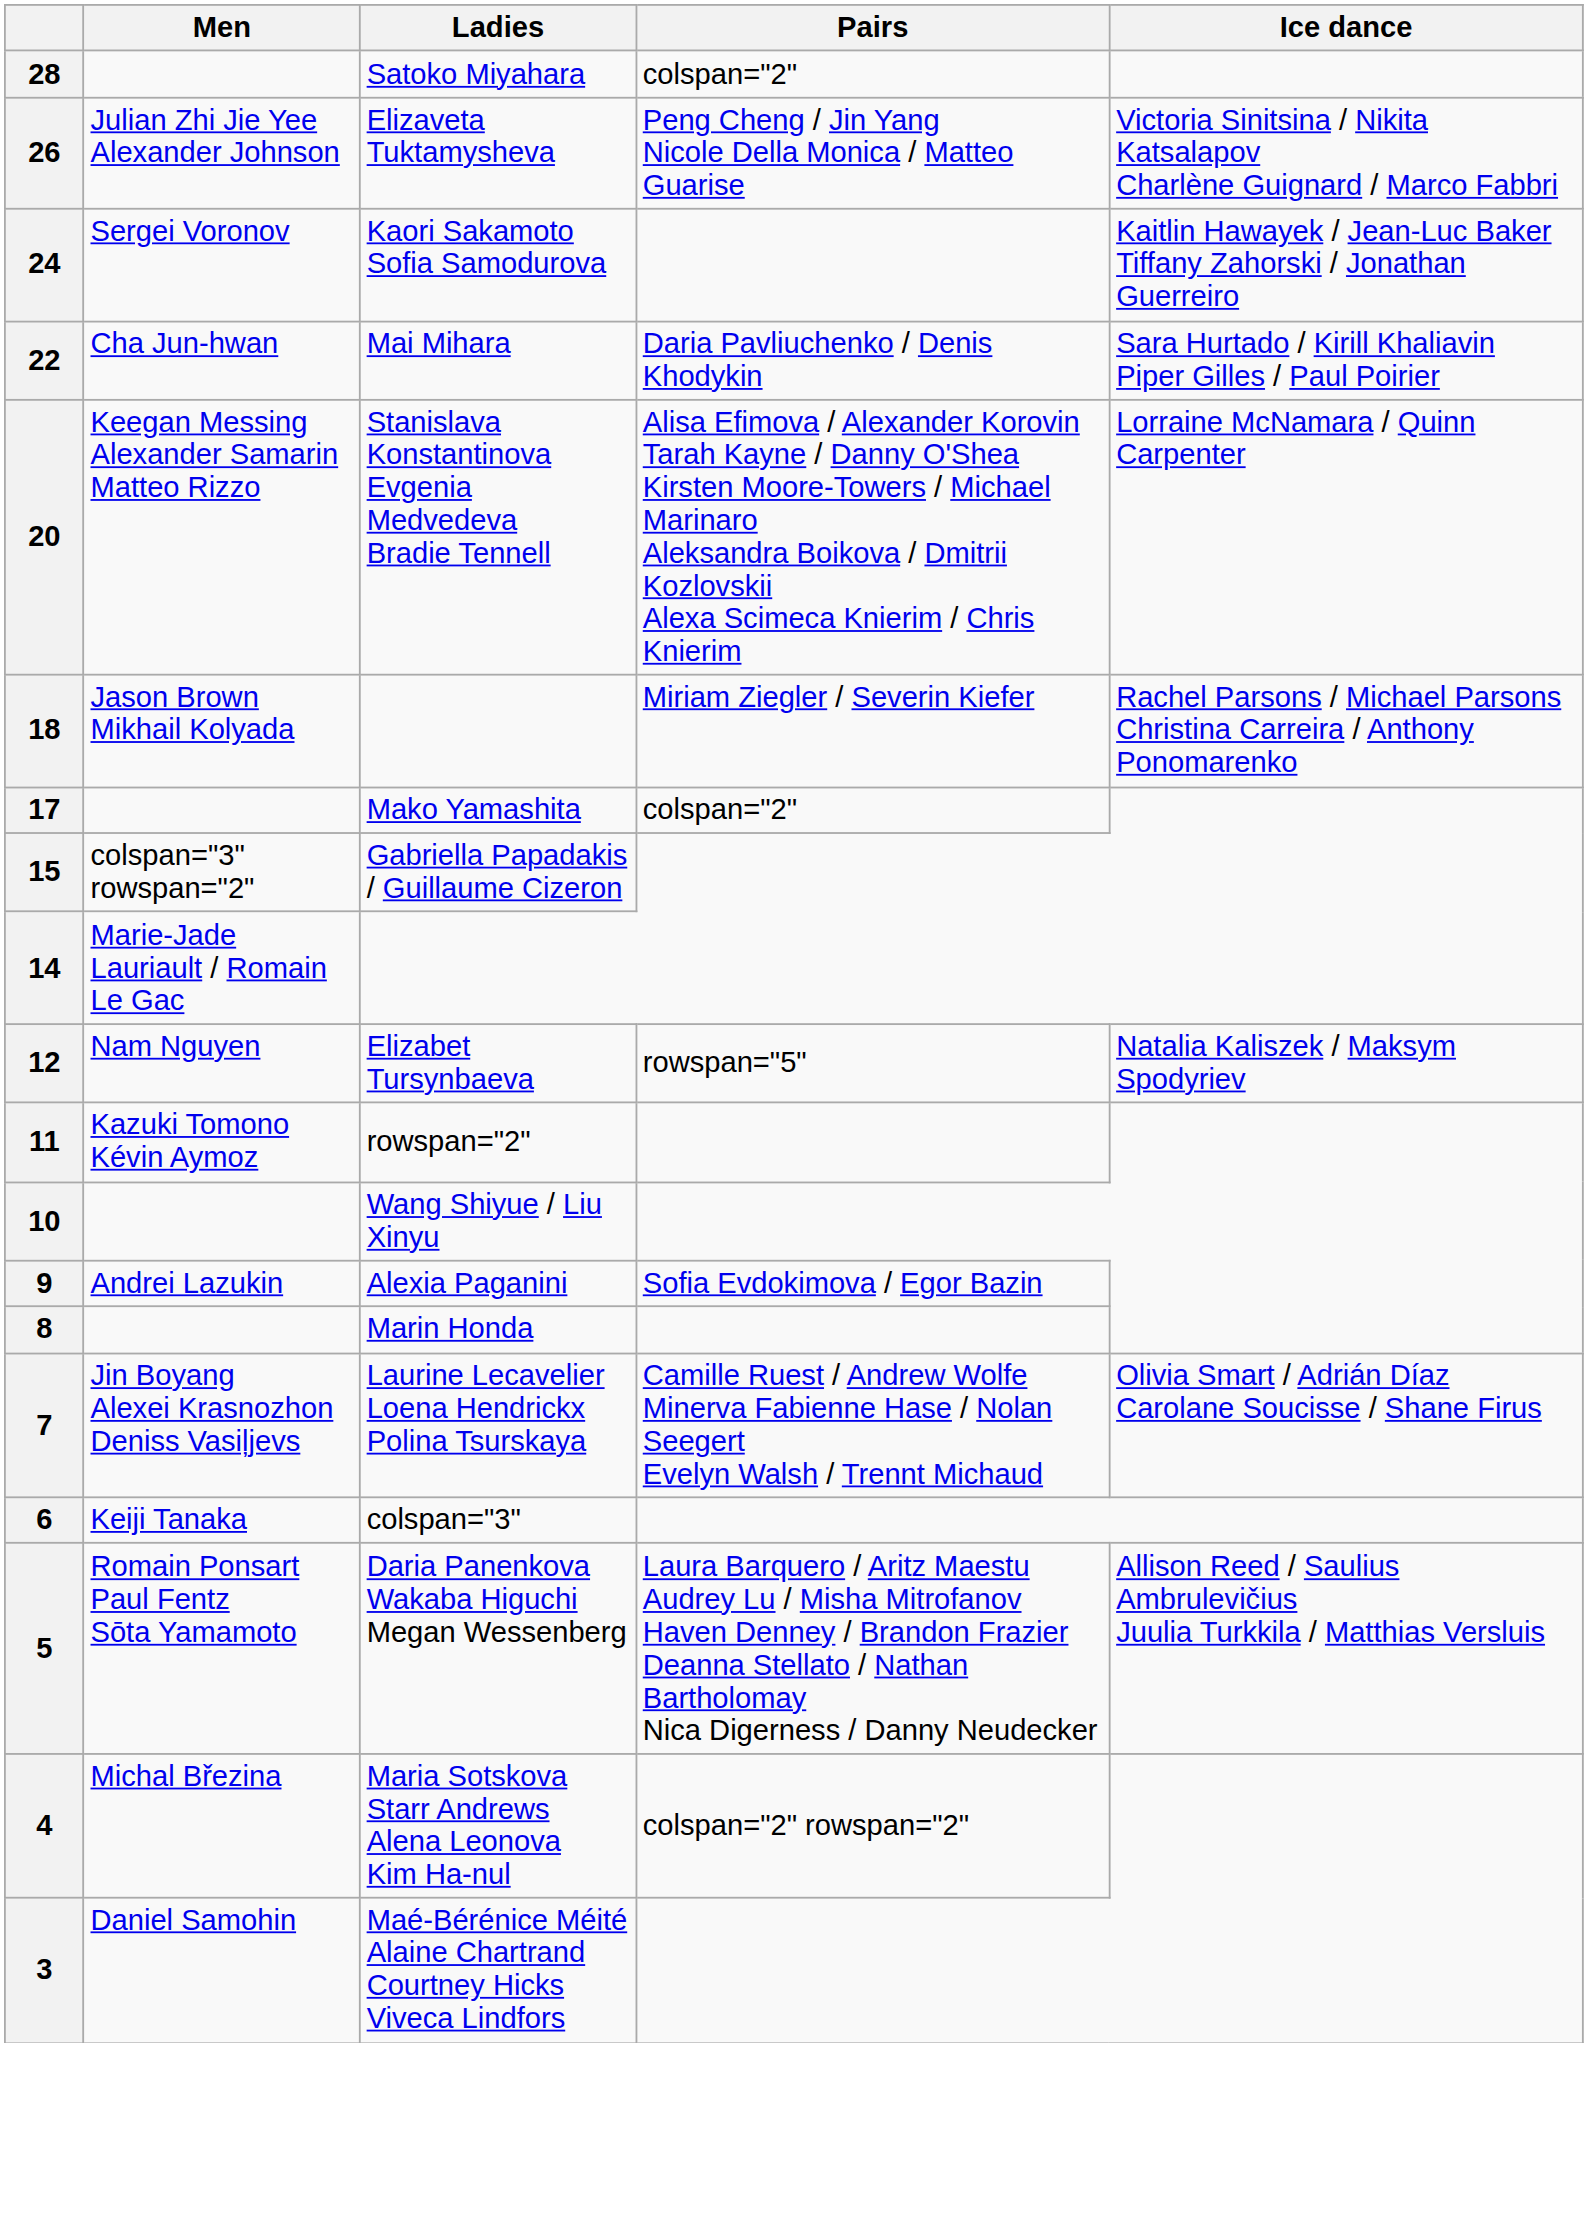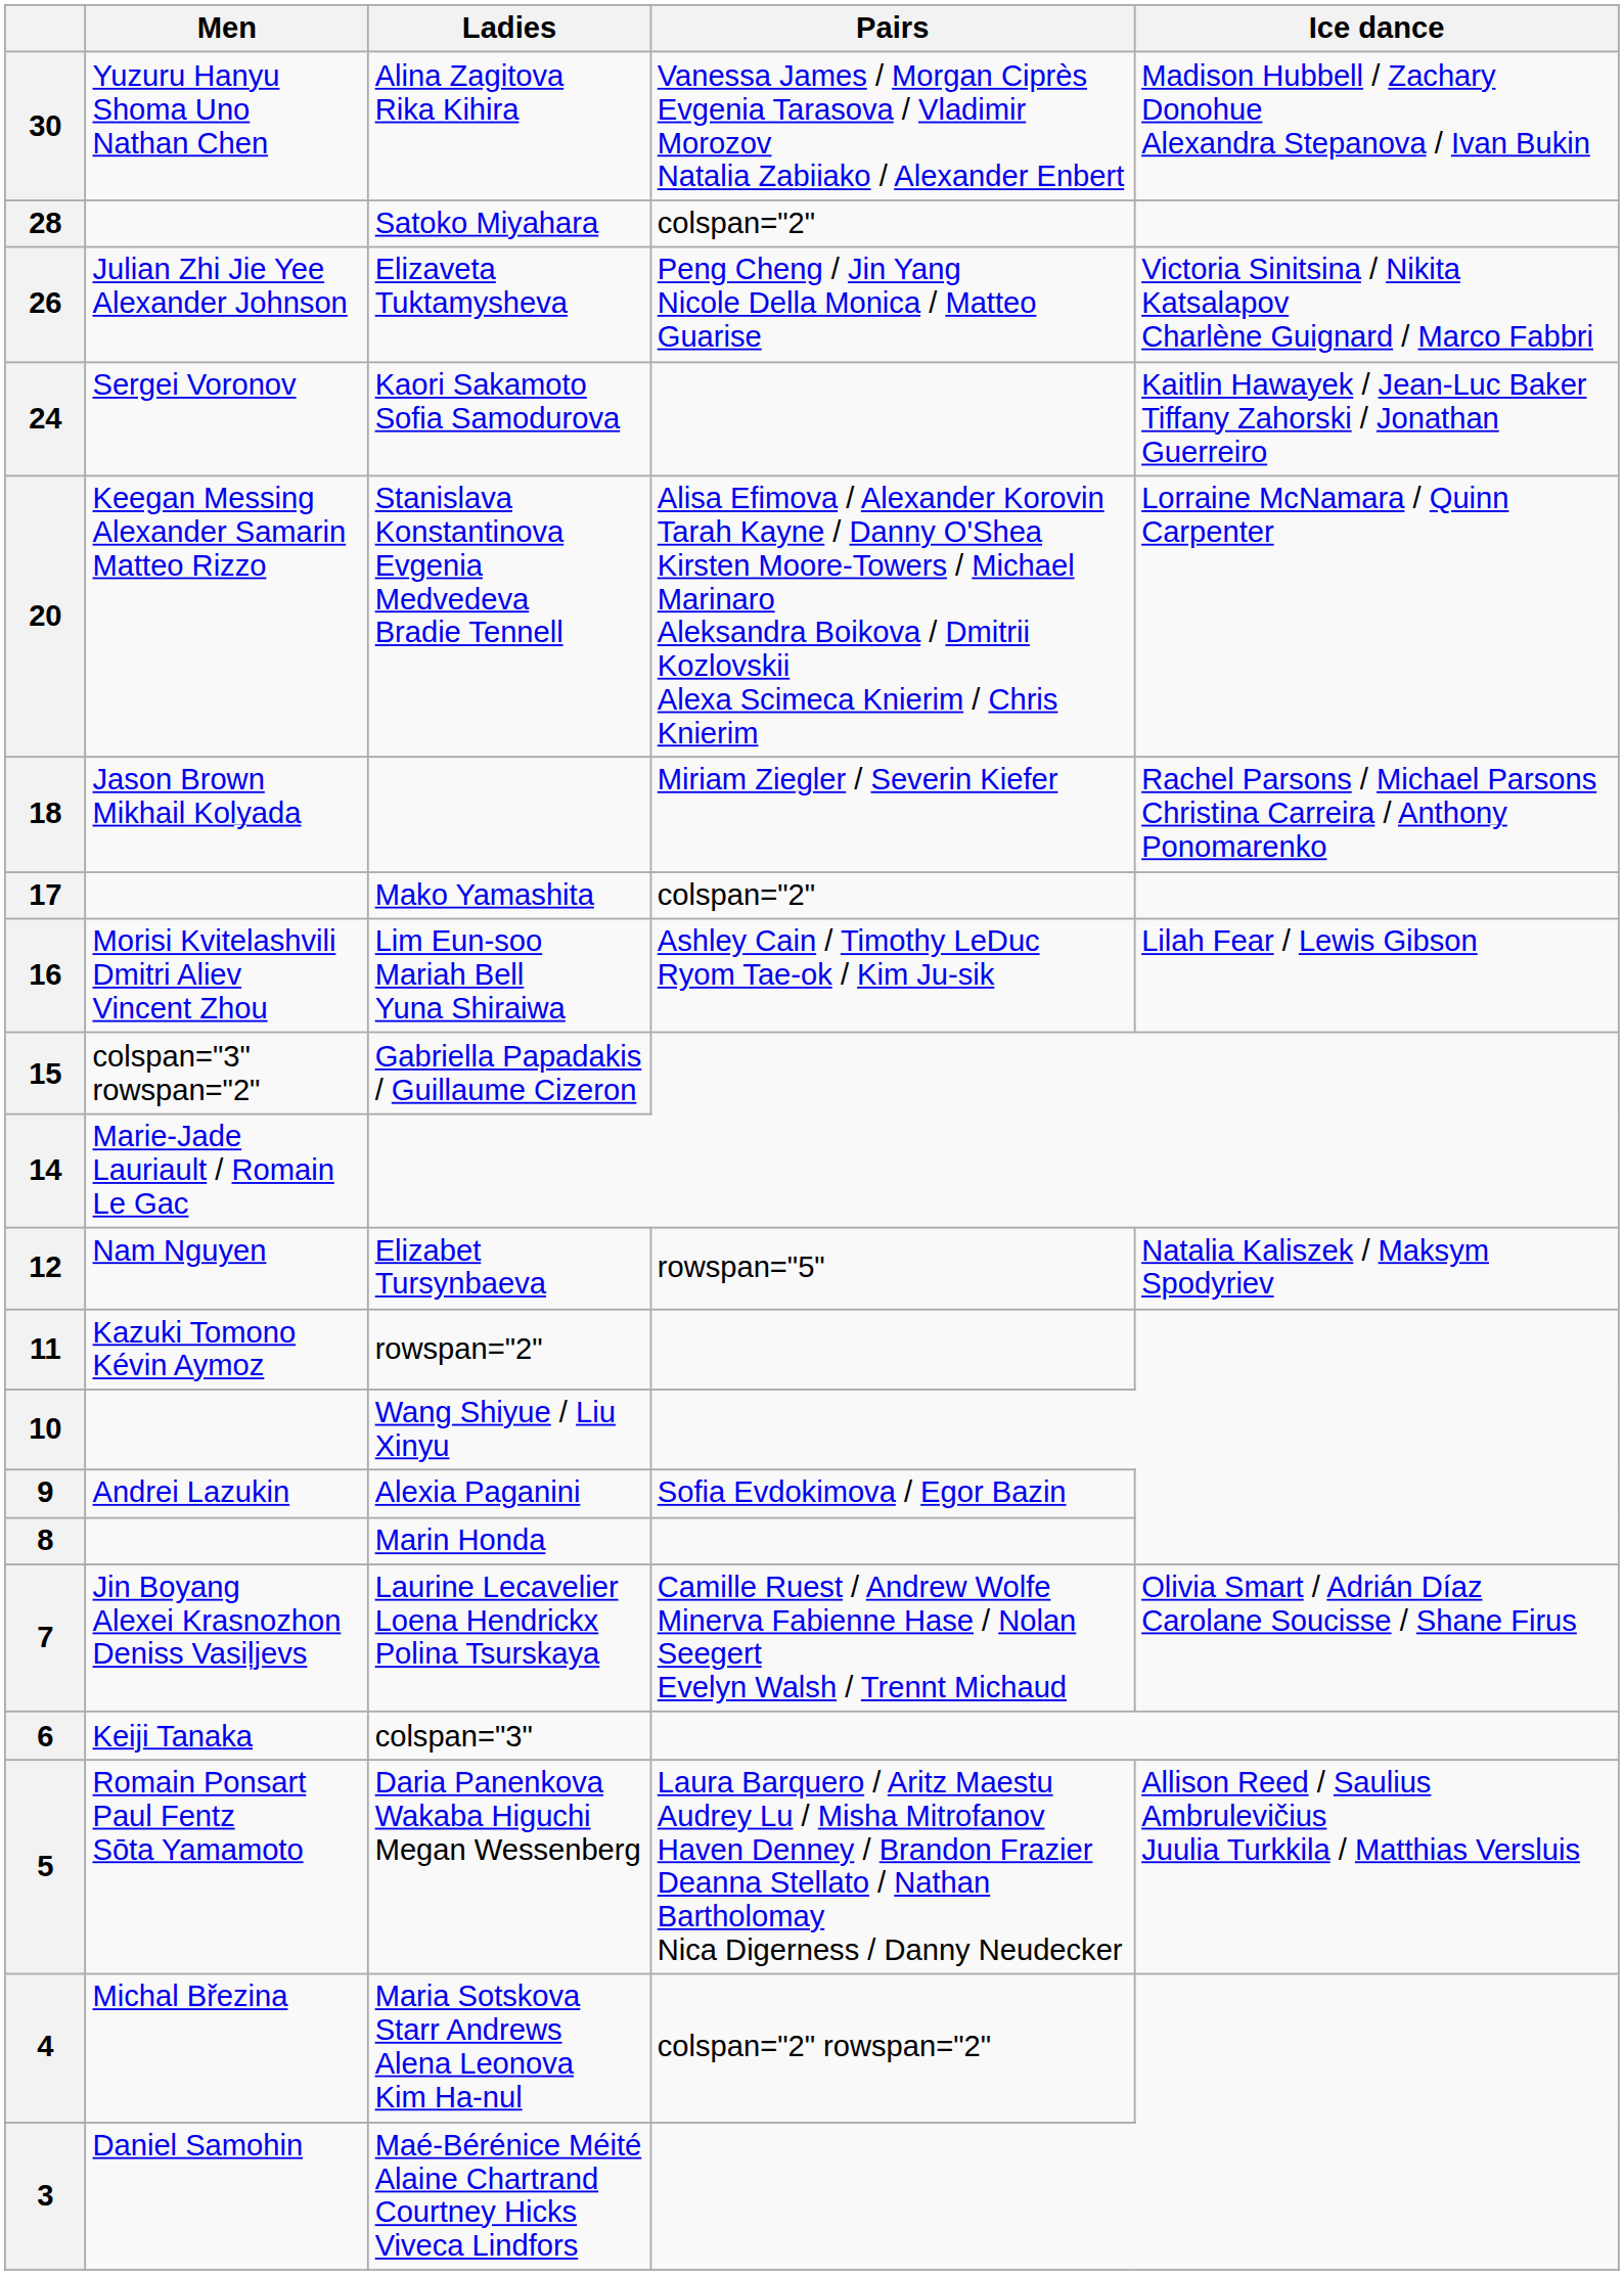 <table class="wikitable">
 <tr>
 <th scope="col" style="width:5%"></th>
 <th scope="col" style="width:17.5%">Men</th>
 <th scope="col" style="width:17.5%">Ladies</th>
 <th scope="col" style="width:30%">Pairs</th>
 <th scope="col" style="width:30%">Ice dance</th>
+</tr>
+<tr>
+<th scope="row">30</th>
+<td style="vertical-align:top"> <a href='#'>Yuzuru Hanyu</a><br> <a href='#'>Shoma Uno</a><br> <a href='#'>Nathan Chen</a></td>
+<td style="vertical-align:top"> <a href='#'>Alina Zagitova</a><br> <a href='#'>Rika Kihira</a></td>
+<td style="vertical-align:top"> <a href='#'>Vanessa James</a> / <a href='#'>Morgan Ciprès</a><br> <a href='#'>Evgenia Tarasova</a> / <a href='#'>Vladimir Morozov</a><br> <a href='#'>Natalia Zabiiako</a> / <a href='#'>Alexander Enbert</a></td>
+<td style="vertical-align:top"> <a href='#'>Madison Hubbell</a> / <a href='#'>Zachary Donohue</a><br> <a href='#'>Alexandra Stepanova</a> / <a href='#'>Ivan Bukin</a></td>
 </tr>
 <tr>
 <th scope="row">28</th>
 <td></td>
 <td style="vertical-align:top"> <a href='#'>Satoko Miyahara</a></td>
 <td>colspan="2" </td>
 </tr>
 <tr>
 <th scope="row">26</th>
 <td style="vertical-align:top"> <a href='#'>Julian Zhi Jie Yee</a><br> <a href='#'>Alexander Johnson</a></td>
 <td style="vertical-align:top"> <a href='#'>Elizaveta Tuktamysheva</a></td>
 <td style="vertical-align:top"> <a href='#'>Peng Cheng</a> / <a href='#'>Jin Yang</a><br> <a href='#'>Nicole Della Monica</a> / <a href='#'>Matteo Guarise</a></td>
 <td style="vertical-align:top"> <a href='#'>Victoria Sinitsina</a> / <a href='#'>Nikita Katsalapov</a><br> <a href='#'>Charlène Guignard</a> / <a href='#'>Marco Fabbri</a></td>
 </tr>
 <tr>
 <th scope="row">24</th>
 <td style="vertical-align:top"> <a href='#'>Sergei Voronov</a></td>
 <td style="vertical-align:top"> <a href='#'>Kaori Sakamoto</a><br> <a href='#'>Sofia Samodurova</a></td>
 <td></td>
 <td style="vertical-align:top"> <a href='#'>Kaitlin Hawayek</a> / <a href='#'>Jean-Luc Baker</a><br> <a href='#'>Tiffany Zahorski</a> / <a href='#'>Jonathan Guerreiro</a></td>
 </tr>
 <tr>
-<th scope="row">22</th>
-<td style="vertical-align:top"> <a href='#'>Cha Jun-hwan</a></td>
-<td style="vertical-align:top"> <a href='#'>Mai Mihara</a></td>
-<td style="vertical-align:top"> <a href='#'>Daria Pavliuchenko</a> / <a href='#'>Denis Khodykin</a></td>
-<td style="vertical-align:top"> <a href='#'>Sara Hurtado</a> / <a href='#'>Kirill Khaliavin</a><br> <a href='#'>Piper Gilles</a> / <a href='#'>Paul Poirier</a></td>
-</tr>
-<tr>
 <th scope="row">20</th>
 <td style="vertical-align:top"> <a href='#'>Keegan Messing</a><br> <a href='#'>Alexander Samarin</a><br> <a href='#'>Matteo Rizzo</a></td>
 <td style="vertical-align:top"> <a href='#'>Stanislava Konstantinova</a><br> <a href='#'>Evgenia Medvedeva</a><br> <a href='#'>Bradie Tennell</a></td>
 <td style="vertical-align:top"> <a href='#'>Alisa Efimova</a> / <a href='#'>Alexander Korovin</a><br> <a href='#'>Tarah Kayne</a> / <a href='#'>Danny O'Shea</a><br> <a href='#'>Kirsten Moore-Towers</a> / <a href='#'>Michael Marinaro</a><br> <a href='#'>Aleksandra Boikova</a> / <a href='#'>Dmitrii Kozlovskii</a><br> <a href='#'>Alexa Scimeca Knierim</a> / <a href='#'>Chris Knierim</a></td>
 <td style="vertical-align:top"> <a href='#'>Lorraine McNamara</a> / <a href='#'>Quinn Carpenter</a></td>
 </tr>
 <tr>
 <th scope="row">18</th>
 <td style="vertical-align:top"> <a href='#'>Jason Brown</a><br> <a href='#'>Mikhail Kolyada</a></td>
 <td></td>
 <td style="vertical-align:top"> <a href='#'>Miriam Ziegler</a> / <a href='#'>Severin Kiefer</a></td>
 <td style="vertical-align:top"> <a href='#'>Rachel Parsons</a> / <a href='#'>Michael Parsons</a><br> <a href='#'>Christina Carreira</a> / <a href='#'>Anthony Ponomarenko</a></td>
 </tr>
 <tr>
 <th scope="row">17</th>
 <td></td>
 <td style="vertical-align:top"> <a href='#'>Mako Yamashita</a></td>
 <td>colspan="2" </td>
+</tr>
+<tr>
+<th scope="row">16</th>
+<td style="vertical-align:top"> <a href='#'>Morisi Kvitelashvili</a><br> <a href='#'>Dmitri Aliev</a><br> <a href='#'>Vincent Zhou</a></td>
+<td style="vertical-align:top"> <a href='#'>Lim Eun-soo</a><br> <a href='#'>Mariah Bell</a><br> <a href='#'>Yuna Shiraiwa</a></td>
+<td style="vertical-align:top"> <a href='#'>Ashley Cain</a> / <a href='#'>Timothy LeDuc</a><br> <a href='#'>Ryom Tae-ok</a> / <a href='#'>Kim Ju-sik</a></td>
+<td style="vertical-align:top"> <a href='#'>Lilah Fear</a> / <a href='#'>Lewis Gibson</a></td>
 </tr>
 <tr>
 <th scope="row">15</th>
 <td>colspan="3" rowspan="2" </td>
 <td style="vertical-align:top"> <a href='#'>Gabriella Papadakis</a> / <a href='#'>Guillaume Cizeron</a></td>
 </tr>
 <tr>
 <th scope="row">14</th>
 <td style="vertical-align:top"> <a href='#'>Marie-Jade Lauriault</a> / <a href='#'>Romain Le Gac</a></td>
 </tr>
 <tr>
 <th scope="row">12</th>
 <td style="vertical-align:top"> <a href='#'>Nam Nguyen</a></td>
 <td style="vertical-align:top"> <a href='#'>Elizabet Tursynbaeva</a></td>
 <td>rowspan="5" </td>
 <td style="vertical-align:top"> <a href='#'>Natalia Kaliszek</a> / <a href='#'>Maksym Spodyriev</a></td>
 </tr>
 <tr>
 <th scope="row">11</th>
 <td style="vertical-align:top"> <a href='#'>Kazuki Tomono</a><br> <a href='#'>Kévin Aymoz</a></td>
 <td>rowspan="2" </td>
 <td></td>
 </tr>
 <tr>
 <th scope="row">10</th>
 <td></td>
 <td style="vertical-align:top"> <a href='#'>Wang Shiyue</a> / <a href='#'>Liu Xinyu</a></td>
 </tr>
 <tr>
 <th scope="row">9</th>
 <td style="vertical-align:top"> <a href='#'>Andrei Lazukin</a></td>
 <td style="vertical-align:top"> <a href='#'>Alexia Paganini</a></td>
 <td style="vertical-align:top"> <a href='#'>Sofia Evdokimova</a> / <a href='#'>Egor Bazin</a></td>
 </tr>
 <tr>
 <th scope="row">8</th>
 <td></td>
 <td style="vertical-align:top"> <a href='#'>Marin Honda</a></td>
 <td></td>
 </tr>
 <tr>
 <th scope="row">7</th>
 <td style="vertical-align:top"> <a href='#'>Jin Boyang</a><br> <a href='#'>Alexei Krasnozhon</a><br> <a href='#'>Deniss Vasiļjevs</a></td>
 <td style="vertical-align:top"> <a href='#'>Laurine Lecavelier</a><br> <a href='#'>Loena Hendrickx</a><br> <a href='#'>Polina Tsurskaya</a></td>
 <td style="vertical-align:top"> <a href='#'>Camille Ruest</a> / <a href='#'>Andrew Wolfe</a><br> <a href='#'>Minerva Fabienne Hase</a> / <a href='#'>Nolan Seegert</a><br> <a href='#'>Evelyn Walsh</a> / <a href='#'>Trennt Michaud</a></td>
 <td style="vertical-align:top"> <a href='#'>Olivia Smart</a> / <a href='#'>Adrián Díaz</a><br> <a href='#'>Carolane Soucisse</a> / <a href='#'>Shane Firus</a></td>
 </tr>
 <tr>
 <th scope="row">6</th>
 <td style="vertical-align:top"> <a href='#'>Keiji Tanaka</a></td>
 <td>colspan="3" </td>
 </tr>
 <tr>
 <th scope="row">5</th>
 <td style="vertical-align:top"> <a href='#'>Romain Ponsart</a><br> <a href='#'>Paul Fentz</a><br> <a href='#'>Sōta Yamamoto</a></td>
 <td style="vertical-align:top"> <a href='#'>Daria Panenkova</a><br> <a href='#'>Wakaba Higuchi</a><br> Megan Wessenberg</td>
 <td style="vertical-align:top"> <a href='#'>Laura Barquero</a> / <a href='#'>Aritz Maestu</a><br> <a href='#'>Audrey Lu</a> / <a href='#'>Misha Mitrofanov</a><br> <a href='#'>Haven Denney</a> / <a href='#'>Brandon Frazier</a><br> <a href='#'>Deanna Stellato</a> / <a href='#'>Nathan Bartholomay</a><br> Nica Digerness / Danny Neudecker</td>
 <td style="vertical-align:top"> <a href='#'>Allison Reed</a> / <a href='#'>Saulius Ambrulevičius</a><br> <a href='#'>Juulia Turkkila</a> / <a href='#'>Matthias Versluis</a></td>
 </tr>
 <tr>
 <th scope="row">4</th>
 <td style="vertical-align:top"> <a href='#'>Michal Březina</a></td>
 <td style="vertical-align:top"> <a href='#'>Maria Sotskova</a><br> <a href='#'>Starr Andrews</a><br> <a href='#'>Alena Leonova</a><br> <a href='#'>Kim Ha-nul</a></td>
 <td>colspan="2" rowspan="2" </td>
 </tr>
 <tr>
 <th scope="row">3</th>
 <td style="vertical-align:top"> <a href='#'>Daniel Samohin</a></td>
 <td style="vertical-align:top"> <a href='#'>Maé-Bérénice Méité</a><br> <a href='#'>Alaine Chartrand</a><br> <a href='#'>Courtney Hicks</a><br> <a href='#'>Viveca Lindfors</a></td>
 </tr>
 </table>
